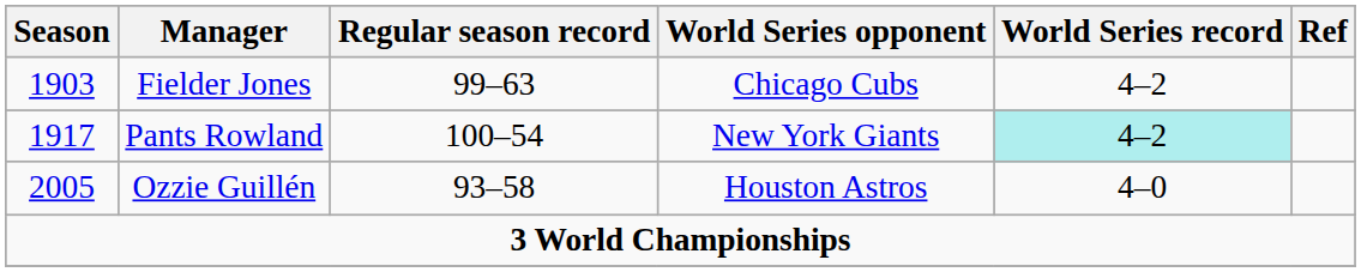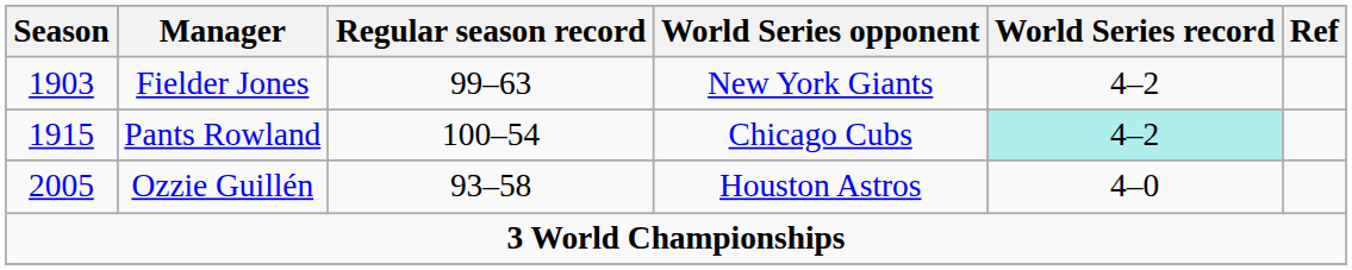 <table class="wikitable sortable" style="text-align:center">
 <tr>
 <th>Season</th>
 <th>Manager</th>
 <th>Regular season record</th>
 <th>World Series opponent</th>
 <th>World Series record</th>
 <th class="unsortable">Ref</th>
 </tr>
 <tr>
 <td><a href='#'>1903</a></td>
 <td><a href='#'>Fielder Jones</a></td>
 <td>99–63</td>
-<td><a href='#'>Chicago Cubs</a></td>
+<td><a href='#'>New York Giants</a></td>
 <td>4–2</td>
 <td></td>
 </tr>
 <tr>
-<td><a href='#'>1917</a></td>
+<td><a href='#'>1915</a></td>
 <td><a href='#'>Pants Rowland</a></td>
 <td>100–54</td>
-<td><a href='#'>New York Giants</a></td>
+<td><a href='#'>Chicago Cubs</a></td>
 <td style="background: paleturquoise;">4–2</td>
 <td></td>
 </tr>
 <tr>
 <td><a href='#'>2005</a></td>
 <td><a href='#'>Ozzie Guillén</a></td>
 <td>93–58</td>
 <td><a href='#'>Houston Astros</a></td>
 <td>4–0</td>
 <td></td>
 </tr>
 <tr>
 <td colspan="7"><strong>3 World Championships</strong></td>
 </tr>
 <tr>
 </tr>
 </table>
